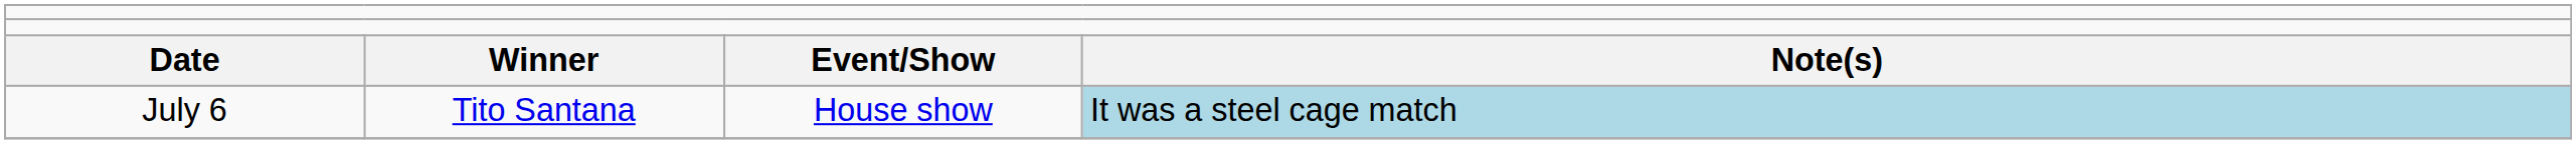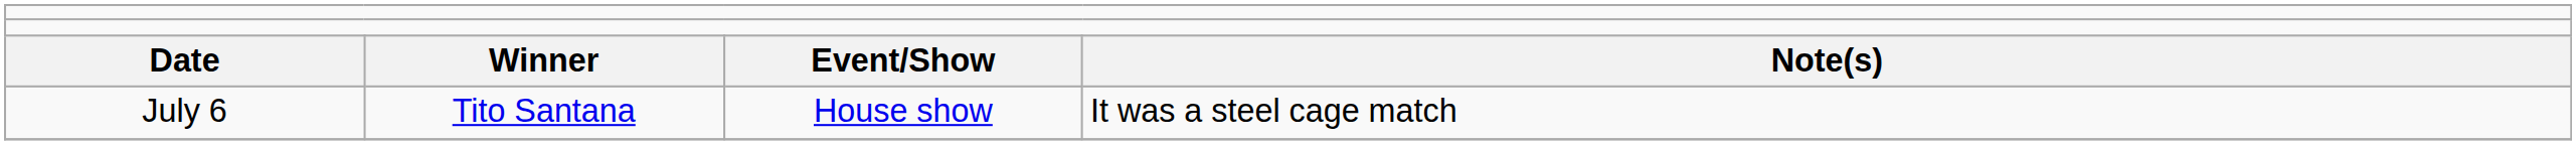 <table class="wikitable" style="text-align:center; width:100%;">
 <tr>
 <td colspan="5"></td>
 </tr>
 <tr>
 <td colspan="5"><strong></strong></td>
 </tr>
 <tr>
 <th width="14%">Date</th>
 <th width="14%">Winner</th>
 <th width="14%">Event/Show</th>
 <th width="58%">Note(s)</th>
 </tr>
 <tr>
 <td>July 6</td>
 <td><a href='#'>Tito Santana</a></td>
 <td><a href='#'>House show</a></td>
-<td align=left style="background: lightblue;">It was a steel cage match</td>
+<td align=left>It was a steel cage match</td>
 </tr>
 <tr>
 </tr>
 </table>
